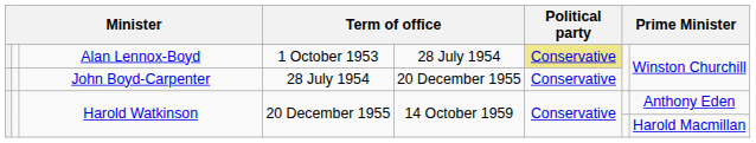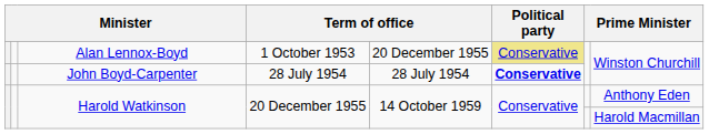 <table class="wikitable" style="text-align:center">
 <tr>
 <th colspan=3>Minister</th>
 <th colspan=2 width=240>Term of office</th>
 <th>Political party</th>
 <th colspan=2>Prime Minister</th>
 </tr>
 <tr style="height:1em">
 <th style="background-color:"></th>
 <td></td>
 <td width=260><a href='#'>Alan Lennox-Boyd</a></td>
 <td>1 October 1953</td>
-<td>28 July 1954</td>
+<td>20 December 1955</td>
 <td width=100 style="background: khaki;"><a href='#'>Conservative</a></td>
 <td rowspan=2 style="background-color:"></td>
 <td rowspan=2><a href='#'>Winston Churchill</a></td>
 </tr>
 <tr style="height:1em">
 <th style="background-color:"></th>
 <td></td>
 <td><a href='#'>John Boyd-Carpenter</a></td>
 <td>28 July 1954</td>
-<td>20 December 1955</td>
-<td><a href='#'>Conservative</a></td>
+<td>28 July 1954</td>
+<td><strong><a href='#'>Conservative</a></strong></td>
 </tr>
 <tr style="height:1em">
 <th rowspan=2 style="background-color:"></th>
 <td rowspan=2></td>
 <td rowspan=2><a href='#'>Harold Watkinson</a></td>
 <td rowspan=2>20 December 1955</td>
 <td rowspan=2>14 October 1959</td>
 <td rowspan=2><a href='#'>Conservative</a></td>
 <td style="background-color:"></td>
 <td><a href='#'>Anthony Eden</a></td>
 </tr>
 <tr style="height:1em">
 <td style="background-color:"></td>
 <td><a href='#'>Harold Macmillan</a></td>
 </tr>
 </table>
